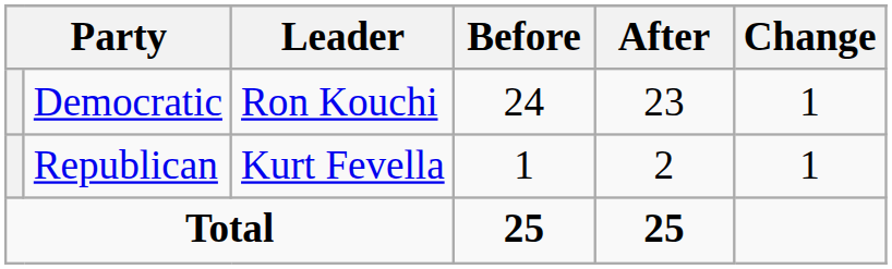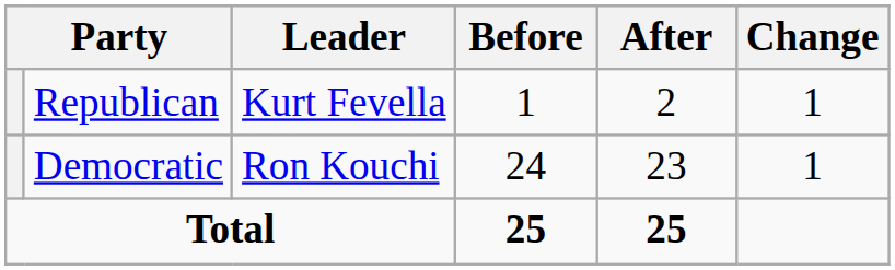 <table class="wikitable" style="text-align:center;">
 <tr>
 </tr>
 <tr>
 <th colspan=2>Party</th>
 <th>Leader</th>
 <th style="width:3em">Before</th>
 <th style="width:3em">After</th>
 <th style="width:3em">Change</th>
 </tr>
 <tr>
 <th style="background-color:"></th>
+<td style="text-align:left;"><a href='#'>Republican</a></td>
+<td style="text-align:left;"><a href='#'>Kurt Fevella</a></td>
+<td>1</td>
+<td>2</td>
+<td> 1</td>
+</tr>
+<tr>
+<th style="background-color:"></th>
 <td style="text-align:left;"><a href='#'>Democratic</a></td>
 <td style="text-align:left;"><a href='#'>Ron Kouchi</a></td>
 <td>24</td>
 <td>23</td>
-<td> 1</td>
-</tr>
-<tr>
-<th style="background-color:"></th>
-<td style="text-align:left;"><a href='#'>Republican</a></td>
-<td style="text-align:left;"><a href='#'>Kurt Fevella</a></td>
-<td>1</td>
-<td>2</td>
 <td> 1</td>
 </tr>
 <tr>
 <td colspan=3><strong>Total</strong></td>
 <td><strong>25</strong></td>
 <td><strong>25</strong></td>
 <td></td>
 </tr>
 </table>
